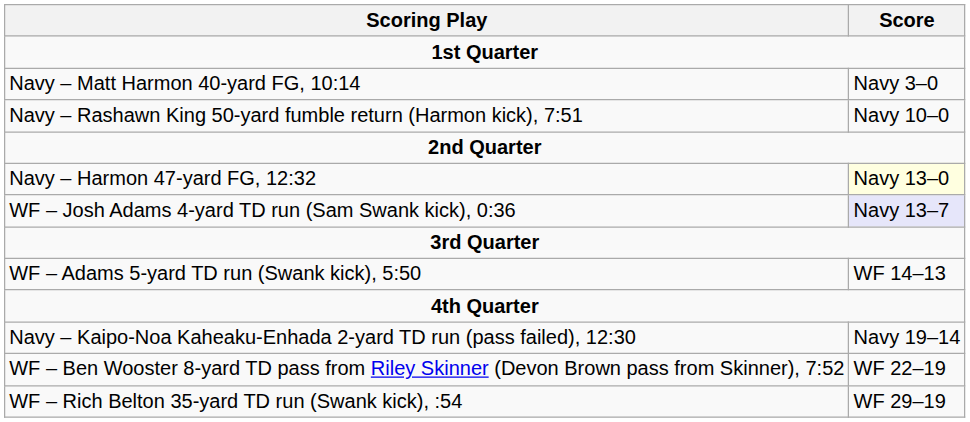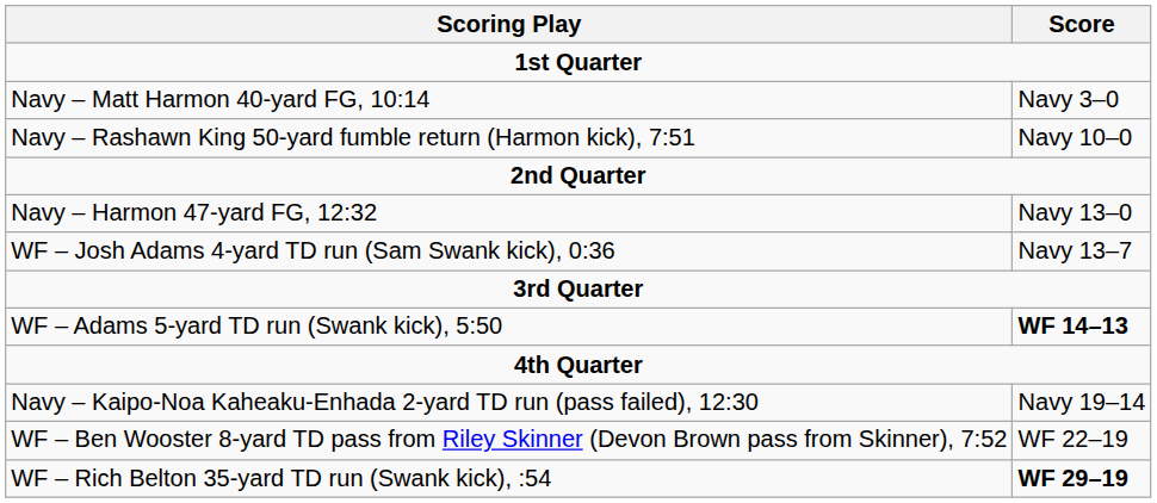 <table class="wikitable">
 <tr>
 <th>Scoring Play</th>
 <th>Score</th>
 </tr>
 <tr>
 <td colspan="4" align="center"><strong>1st Quarter</strong></td>
 </tr>
 <tr>
 <td>Navy – Matt Harmon 40-yard FG, 10:14</td>
 <td>Navy 3–0</td>
 </tr>
 <tr>
 <td>Navy – Rashawn King 50-yard fumble return (Harmon kick), 7:51</td>
 <td>Navy 10–0</td>
 </tr>
 <tr>
 <td colspan="4" align="center"><strong>2nd Quarter</strong></td>
 </tr>
 <tr>
 <td>Navy – Harmon 47-yard FG, 12:32</td>
-<td style="background: lightyellow;">Navy 13–0</td>
+<td>Navy 13–0</td>
 </tr>
 <tr>
 <td>WF – Josh Adams 4-yard TD run (Sam Swank kick), 0:36</td>
-<td style="background: lavender;">Navy 13–7</td>
+<td>Navy 13–7</td>
 </tr>
 <tr>
 <td colspan="6" align="center"><strong>3rd Quarter</strong></td>
 </tr>
 <tr>
 <td>WF – Adams 5-yard TD run (Swank kick), 5:50</td>
-<td>WF 14–13</td>
+<td><strong>WF 14–13</strong></td>
 </tr>
 <tr>
 <td colspan="6" align="center"><strong>4th Quarter</strong></td>
 </tr>
 <tr>
 <td>Navy – Kaipo-Noa Kaheaku-Enhada 2-yard TD run (pass failed), 12:30</td>
 <td>Navy 19–14</td>
 </tr>
 <tr>
 <td>WF – Ben Wooster 8-yard TD pass from <a href='#'>Riley Skinner</a> (Devon Brown pass from Skinner), 7:52</td>
 <td>WF 22–19</td>
 </tr>
 <tr>
 <td>WF – Rich Belton 35-yard TD run (Swank kick), :54</td>
-<td>WF 29–19</td>
+<td><strong>WF 29–19</strong></td>
 </tr>
 </table>
